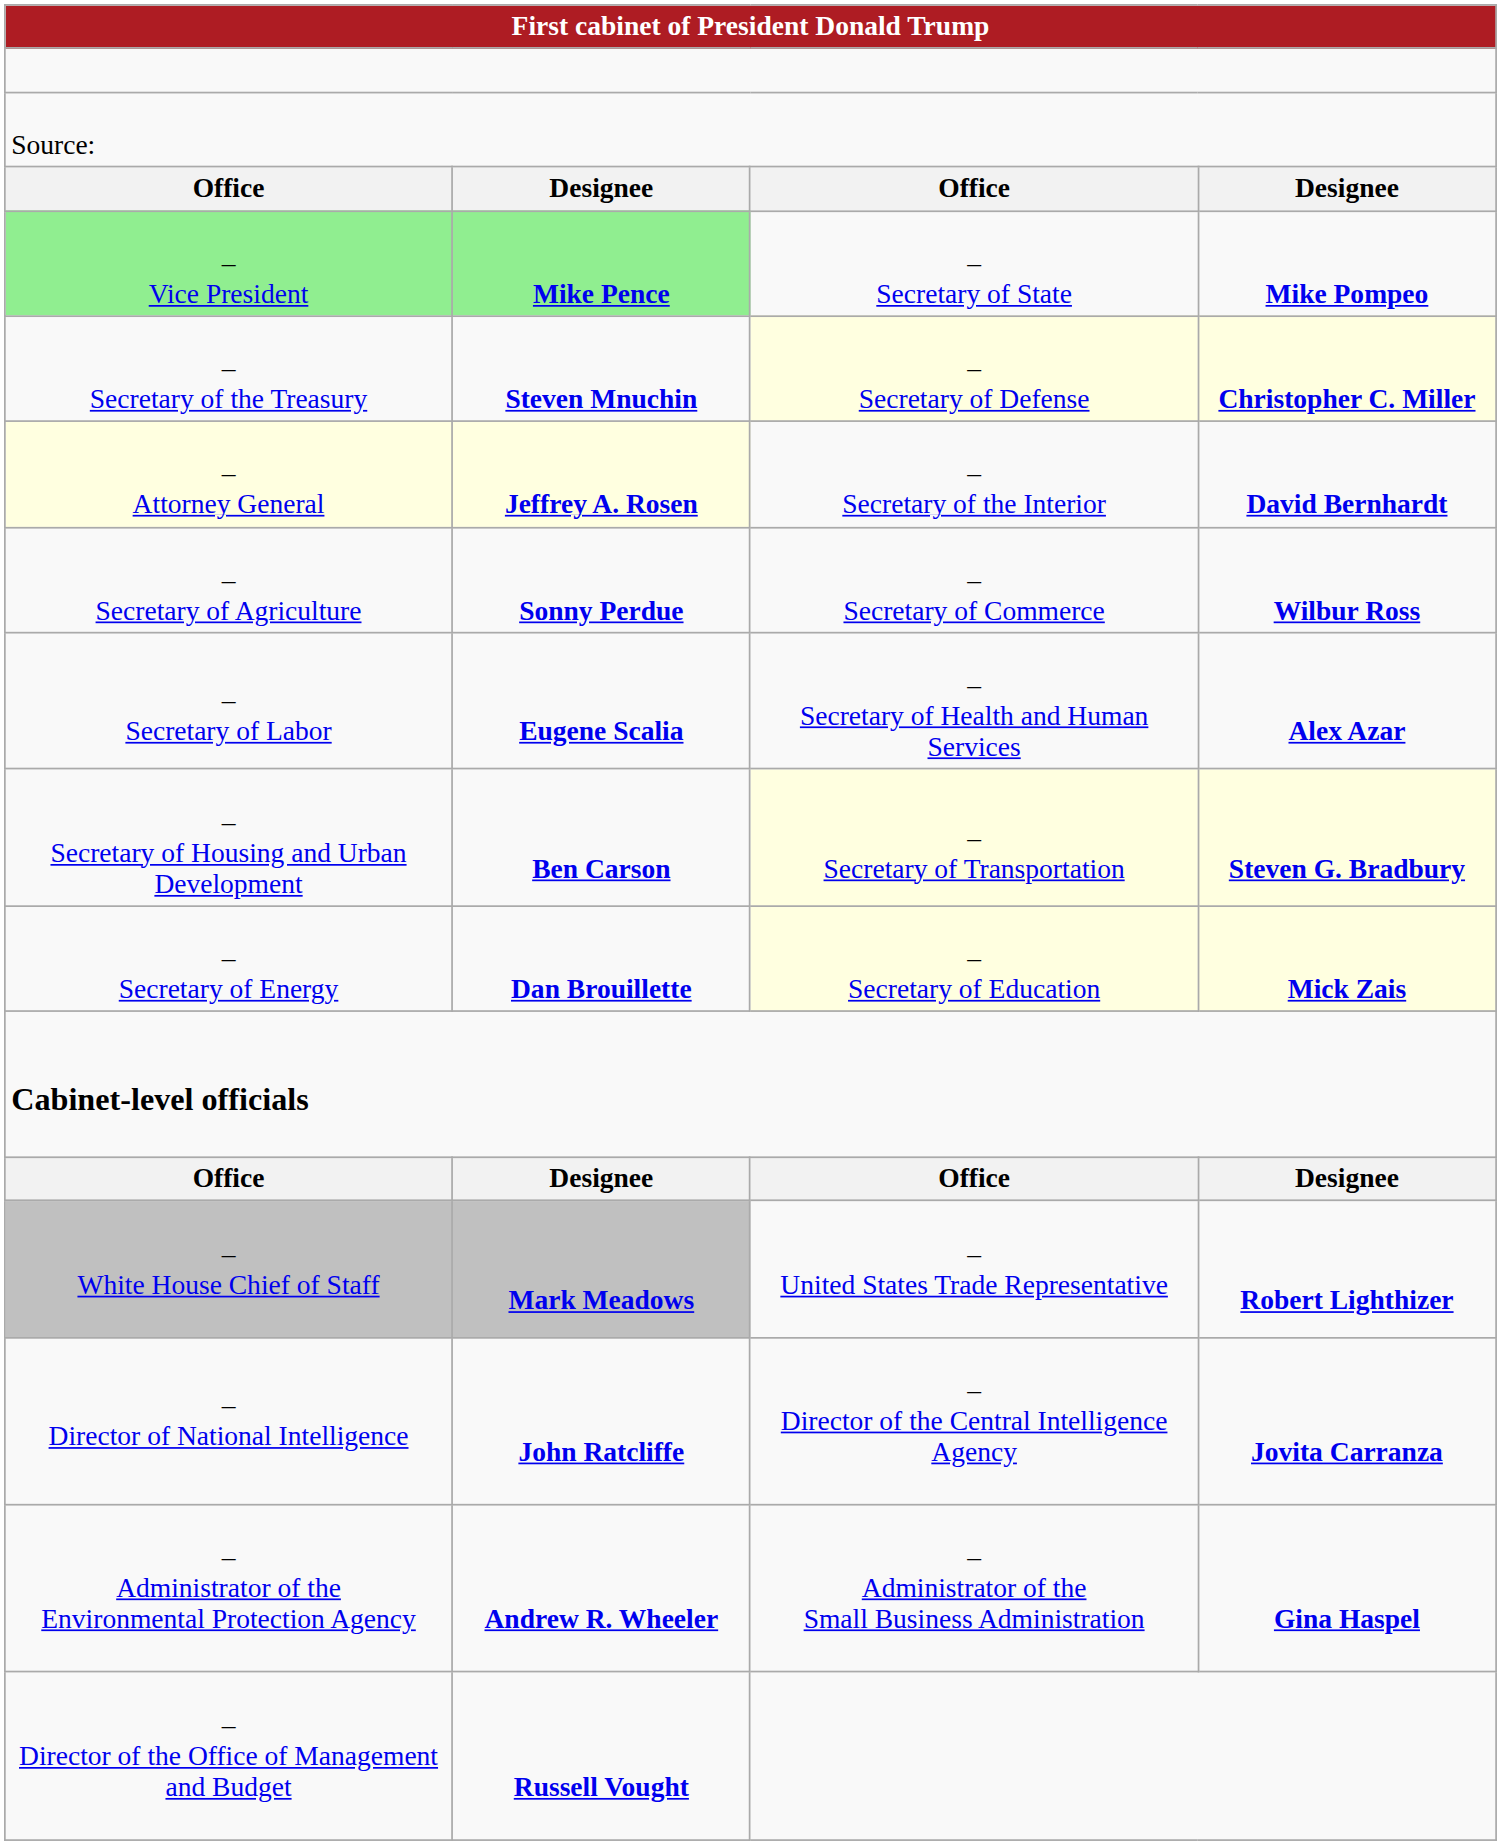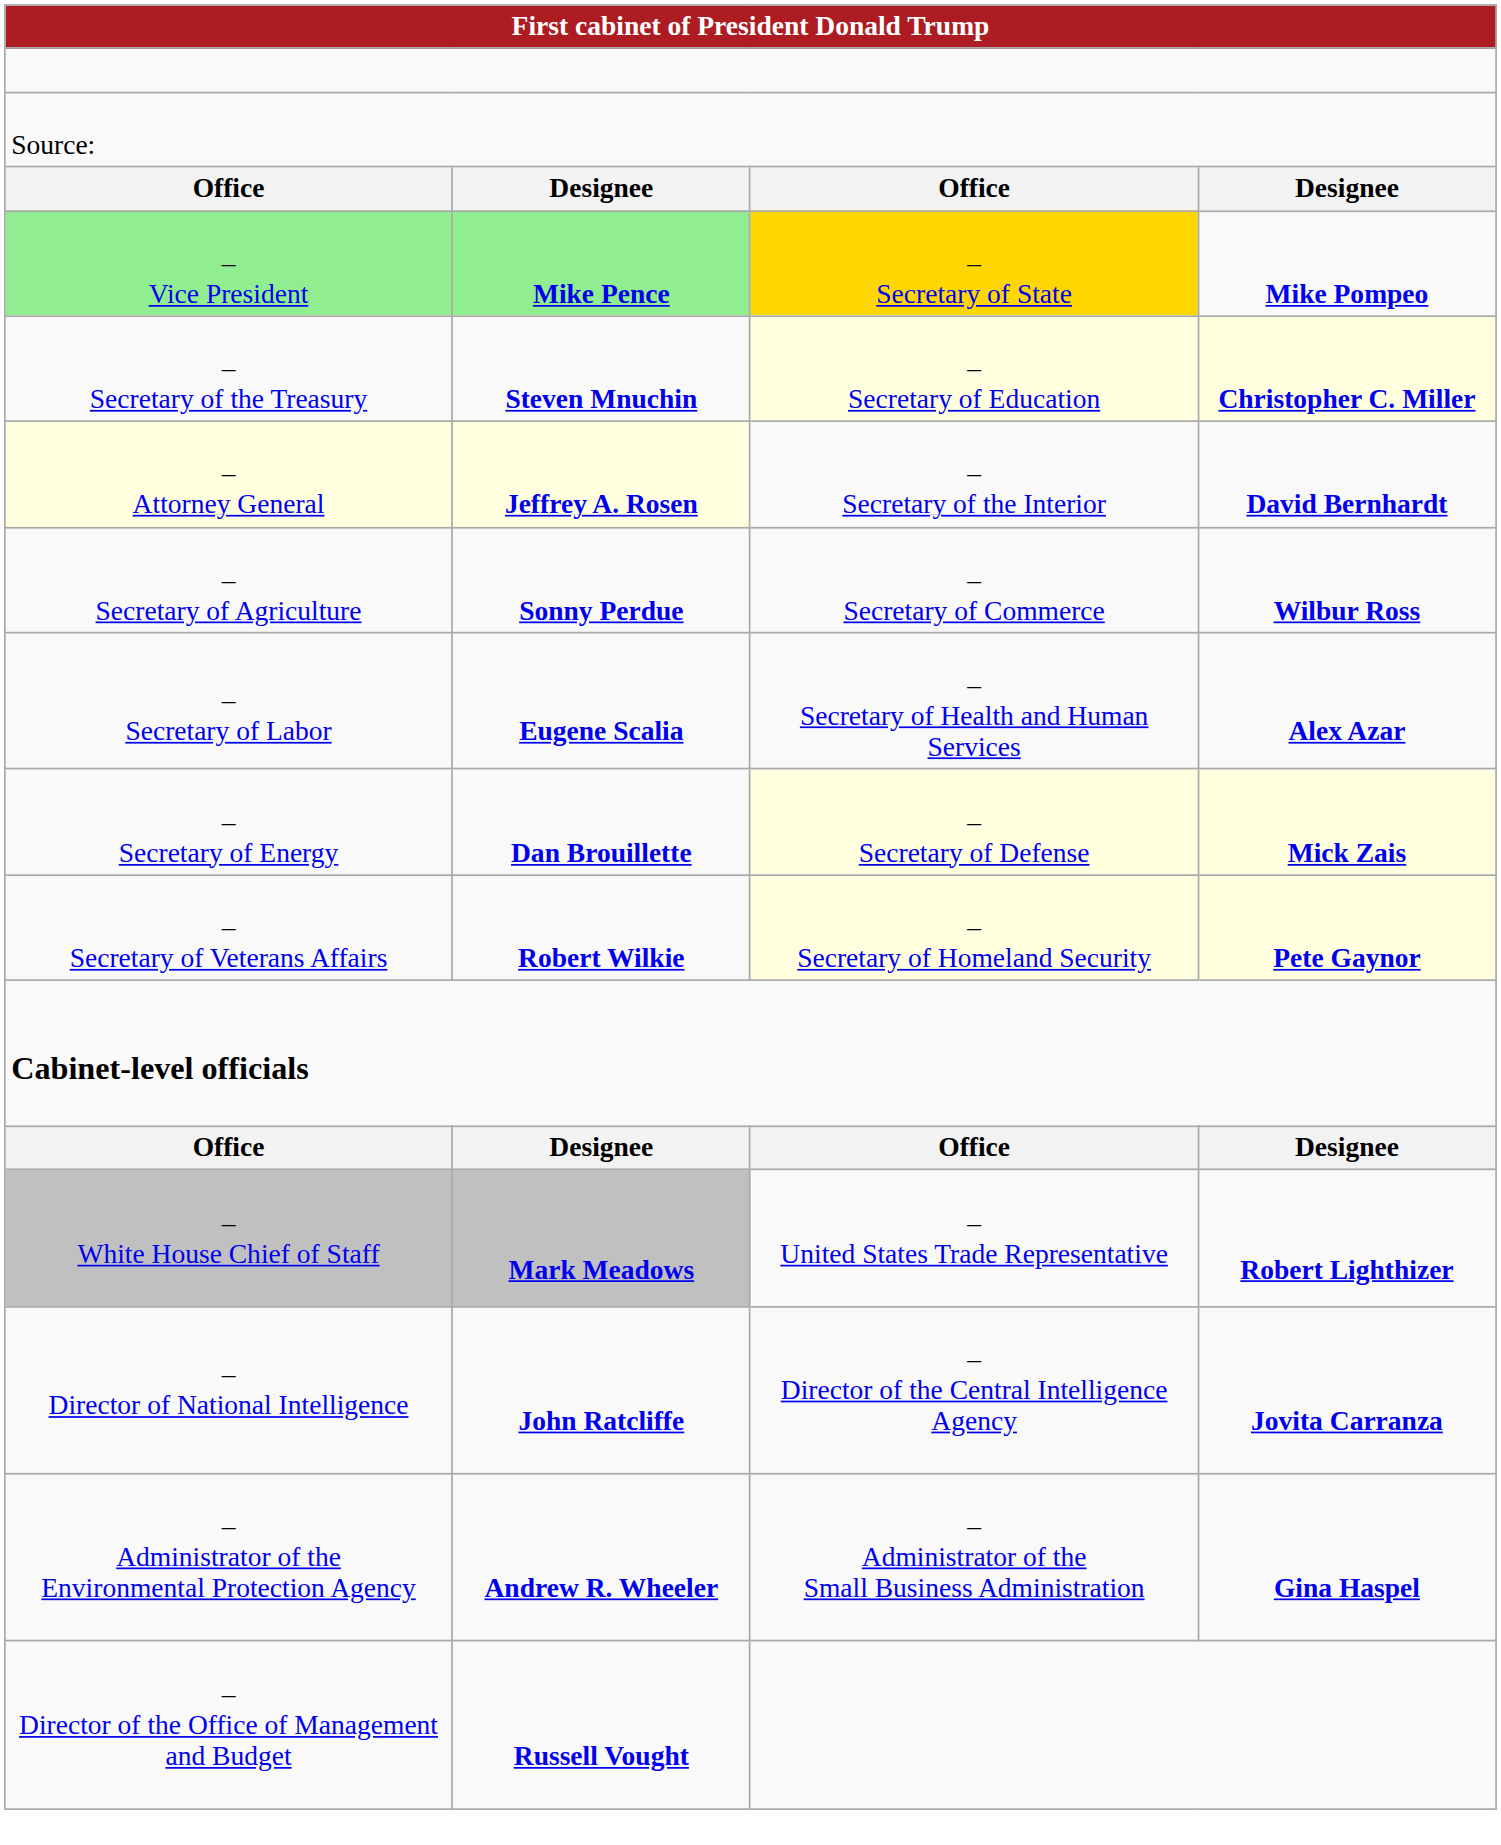 <table class="wikitable" style="text-align:center">
 <tr>
 <th colspan="4" style="text-align:center; font-size:100%; color:white; background:#AE1C23;"><strong>First cabinet of President Donald Trump</strong></th>
 </tr>
 <tr>
 <td colspan="4" style="text-align:left"><br>   </td>
 </tr>
 <tr>
 <td colspan="4" style="text-align:left"><br>Source:</td>
 </tr>
 <tr>
 <th scope="col" style="width: 30%;">Office<br></th>
 <th scope="col" style="width: 20%;">Designee</th>
 <th scope="col" style="width: 30%;">Office<br></th>
 <th scope="col" style="width: 20%;">Designee</th>
 </tr>
 <tr>
 <td style="background: #90EE90;"><br>–<br><a href='#'>Vice President</a><br></td>
 <td style="background: #90EE90;"><br><br><strong><a href='#'>Mike Pence</a></strong><br></td>
-<td><br>–<br><a href='#'>Secretary of State</a><br></td>
+<td style="background: gold;"><br>–<br><a href='#'>Secretary of State</a><br></td>
 <td> <br>  <br> <strong><a href='#'>Mike Pompeo</a></strong> <br> </td>
 </tr>
 <tr>
 <td><br>–<br><a href='#'>Secretary of the Treasury</a><br></td>
 <td><br><br> <strong><a href='#'>Steven Mnuchin</a></strong><br></td>
-<td style="background:LightYellow;"><br>–<br><a href='#'>Secretary of Defense</a><br></td>
+<td style="background:LightYellow;"><br>–<br><a href='#'>Secretary of Education</a><br></td>
 <td style="background:LightYellow;"><br><br><strong><a href='#'>Christopher C. Miller</a></strong><br></td>
 </tr>
 <tr>
 <td style="background:LightYellow;"><br>–<br><a href='#'>Attorney General</a><br></td>
 <td style="background:LightYellow;"><br><br><strong><a href='#'>Jeffrey A. Rosen</a></strong><br></td>
 <td><br>–<br><a href='#'>Secretary of the Interior</a><br></td>
 <td><br><br><strong><a href='#'>David Bernhardt</a></strong><br></td>
 </tr>
 <tr>
 <td><br>–<br><a href='#'>Secretary of Agriculture</a> <br></td>
 <td><br><br><strong><a href='#'>Sonny Perdue</a></strong><br></td>
 <td><br>–<br><a href='#'>Secretary of Commerce</a><br></td>
 <td><br><br><strong><a href='#'>Wilbur Ross</a></strong><br></td>
 </tr>
 <tr>
 <td><br>–<br><a href='#'>Secretary of Labor</a><br></td>
 <td><br><br><strong><a href='#'>Eugene Scalia</a></strong><br></td>
 <td><br>–<br><a href='#'>Secretary of Health and Human Services</a><br></td>
 <td><br><br><strong><a href='#'>Alex Azar</a></strong><br></td>
 </tr>
 <tr>
-<td><br>–<br><a href='#'>Secretary of Housing and Urban Development</a><br></td>
-<td><br><br><strong><a href='#'>Ben Carson</a></strong><br></td>
-<td style="background:LightYellow;"><br>–<br><a href='#'>Secretary of Transportation</a><br></td>
-<td style="background:LightYellow;"><br><br><strong><a href='#'>Steven G. Bradbury</a></strong><br></td>
+<td><br>–<br><a href='#'>Secretary of Energy</a><br></td>
+<td><br><br> <strong><a href='#'>Dan Brouillette</a></strong><br></td>
+<td style="background:LightYellow;"><br>–<br><a href='#'>Secretary of Defense</a><br></td>
+<td style="background:LightYellow;"><br><br><strong><a href='#'>Mick Zais</a></strong><br></td>
 </tr>
 <tr>
-<td><br>–<br><a href='#'>Secretary of Energy</a><br></td>
-<td><br><br> <strong><a href='#'>Dan Brouillette</a></strong><br></td>
-<td style="background:LightYellow;"><br>–<br><a href='#'>Secretary of Education</a><br></td>
-<td style="background:LightYellow;"><br><br><strong><a href='#'>Mick Zais</a></strong><br></td>
+<td><br>–<br><a href='#'>Secretary of Veterans Affairs</a><br></td>
+<td><br><br><strong><a href='#'>Robert Wilkie</a></strong><br></td>
+<td style="background:LightYellow;"><br>–<br><a href='#'>Secretary of Homeland Security</a><br></td>
+<td style="background:LightYellow;"><br> <br><strong><a href='#'>Pete Gaynor</a></strong><br></td>
 </tr>
 <tr>
 <td colspan="4" style="text-align:left"><br><h3>Cabinet-level officials</h3></td>
 </tr>
 <tr>
 <th>Office<br></th>
 <th>Designee</th>
 <th>Office<br></th>
 <th>Designee<br></th>
 </tr>
 <tr>
 <td style="background:#C0C0C0;"> <br>–<br> <a href='#'>White House Chief of Staff</a> <br> <br></td>
 <td style="background:#C0C0C0;"> <br>  <br> <strong><a href='#'>Mark Meadows</a></strong> <br> </td>
 <td> <br>–<br> <a href='#'>United States Trade Representative</a> <br> <br></td>
 <td> <br>  <br> <strong><a href='#'>Robert Lighthizer</a></strong> <br> </td>
 </tr>
 <tr>
 <td> <br>–<br> <a href='#'>Director of National Intelligence</a> <br> <br></td>
 <td> <br>  <br>  <strong><a href='#'>John Ratcliffe</a></strong> <br> </td>
 <td> <br>–<br> <a href='#'>Director of the Central Intelligence Agency</a> <br> <br></td>
 <td><br><br><strong><a href='#'>Jovita Carranza</a></strong><br></td>
 </tr>
 <tr>
 <td> <br>–<br> <a href='#'>Administrator of the<br>Environmental Protection Agency</a> <br> <br></td>
 <td> <br>  <br> <strong><a href='#'>Andrew R. Wheeler</a></strong> <br> </td>
 <td> <br>–<br> <a href='#'>Administrator of the<br>Small Business Administration</a> <br> <br></td>
 <td> <br>  <br> <strong><a href='#'>Gina Haspel</a></strong> <br> </td>
 </tr>
 <tr>
 <td> <br>–<br> <a href='#'>Director of the Office of Management and Budget</a> <br> <br></td>
 <td><br><br><strong><a href='#'>Russell Vought</a></strong><br></td>
 <td colspan="2"></td>
 </tr>
 </table>
